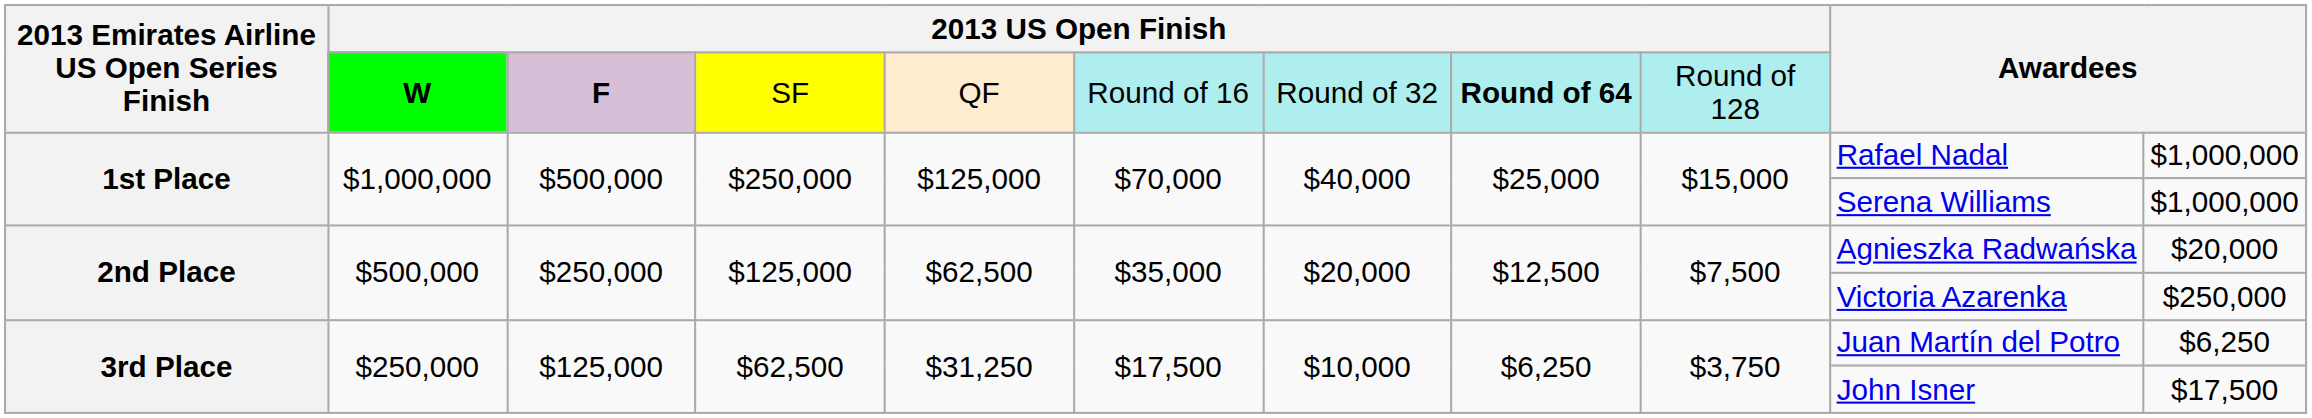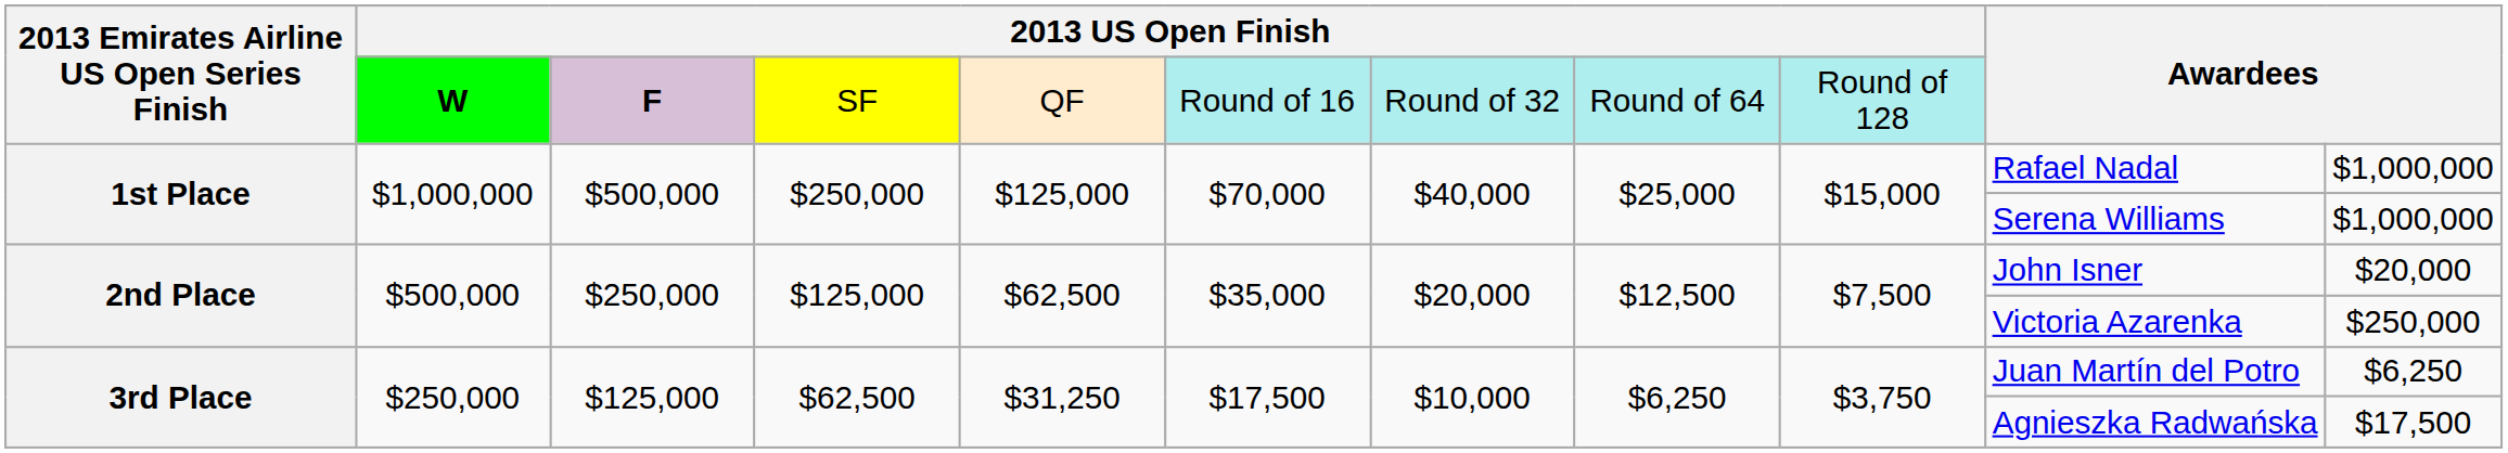 <table class=wikitable style=font-size:90%;text-align:center>
 <tr>
 <th rowspan=2>2013 Emirates Airline US Open Series Finish</th>
 <th colspan=8>2013 US Open Finish</th>
 <th rowspan=2 colspan=2>Awardees</th>
 </tr>
 <tr>
 <td style="width:80px; background:lime;"><strong>W</strong></td>
 <td style="width:85px; background:thistle;"><strong>F</strong></td>
 <td style="width:85px; background:#ff0;">SF</td>
 <td style="width:85px; background:#ffebcd;">QF</td>
 <td style="width:85px; background:#afeeee;">Round of 16</td>
 <td style="width:85px; background:#afeeee;">Round of 32</td>
-<td style="width:85px; background:#afeeee;"><strong>Round of 64</strong></td>
+<td style="width:85px; background:#afeeee;">Round of 64</td>
 <td style="width:85px; background:#afeeee;">Round of 128</td>
 </tr>
 <tr>
 <th width=150 rowspan=2>1st Place</th>
 <td rowspan=2>$1,000,000</td>
 <td rowspan=2>$500,000</td>
 <td rowspan=2>$250,000</td>
 <td rowspan=2>$125,000</td>
 <td rowspan=2>$70,000</td>
 <td rowspan=2>$40,000</td>
 <td rowspan=2>$25,000</td>
 <td rowspan=2>$15,000</td>
 <td align=left> <a href='#'>Rafael Nadal</a></td>
 <td>$1,000,000</td>
 </tr>
 <tr>
 <td align=left> <a href='#'>Serena Williams</a></td>
 <td>$1,000,000</td>
 </tr>
 <tr>
 <th width=150 rowspan=2>2nd Place</th>
 <td rowspan=2>$500,000</td>
 <td rowspan=2>$250,000</td>
 <td rowspan=2>$125,000</td>
 <td rowspan=2>$62,500</td>
 <td rowspan=2>$35,000</td>
 <td rowspan=2>$20,000</td>
 <td rowspan=2>$12,500</td>
 <td rowspan=2>$7,500</td>
-<td align=left> <a href='#'>Agnieszka Radwańska</a></td>
+<td align=left> <a href='#'>John Isner</a></td>
 <td>$20,000</td>
 </tr>
 <tr>
 <td align=left> <a href='#'>Victoria Azarenka</a></td>
 <td>$250,000</td>
 </tr>
 <tr>
 <th width=150 rowspan=2>3rd Place</th>
 <td rowspan=2>$250,000</td>
 <td rowspan=2>$125,000</td>
 <td rowspan=2>$62,500</td>
 <td rowspan=2>$31,250</td>
 <td rowspan=2>$17,500</td>
 <td rowspan=2>$10,000</td>
 <td rowspan=2>$6,250</td>
 <td rowspan=2>$3,750</td>
 <td align=left> <a href='#'>Juan Martín del Potro</a></td>
 <td>$6,250</td>
 </tr>
 <tr>
-<td align=left> <a href='#'>John Isner</a></td>
+<td align=left> <a href='#'>Agnieszka Radwańska</a></td>
 <td>$17,500</td>
 </tr>
 </table>
